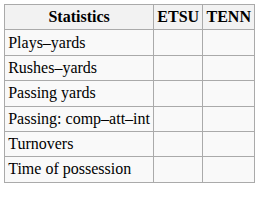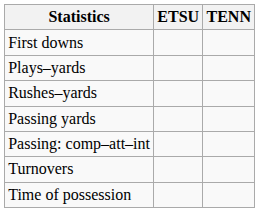 <table class="wikitable" style="float:left">
 <tr>
 <th>Statistics</th>
 <th>ETSU</th>
 <th>TENN</th>
+</tr>
+<tr>
+<td>First downs</td>
+<td></td>
+<td></td>
 </tr>
 <tr>
 <td>Plays–yards</td>
 <td></td>
 <td></td>
 </tr>
 <tr>
 <td>Rushes–yards</td>
 <td></td>
 <td></td>
 </tr>
 <tr>
 <td>Passing yards</td>
 <td></td>
 <td></td>
 </tr>
 <tr>
 <td>Passing: comp–att–int</td>
 <td></td>
 <td></td>
 </tr>
 <tr>
 <td>Turnovers</td>
 <td></td>
 <td></td>
 </tr>
 <tr>
 <td>Time of possession</td>
 <td></td>
 <td></td>
 </tr>
 </table>
